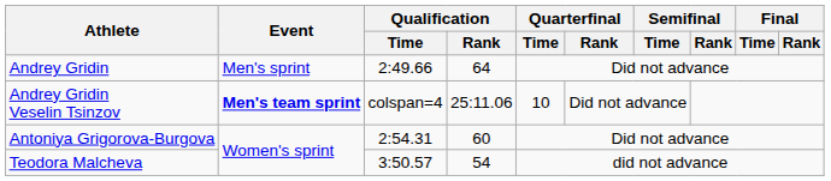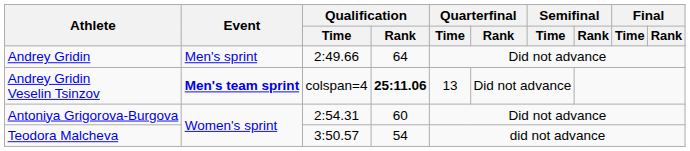 <table class="wikitable" style="font-size:90%">
 <tr>
 <th rowspan="2">Athlete</th>
 <th rowspan="2">Event</th>
 <th colspan="2">Qualification</th>
 <th colspan="2">Quarterfinal</th>
 <th colspan="2">Semifinal</th>
 <th colspan="2">Final</th>
 </tr>
 <tr style="font-size:95%">
 <th>Time</th>
 <th>Rank</th>
 <th>Time</th>
 <th>Rank</th>
 <th>Time</th>
 <th>Rank</th>
 <th>Time</th>
 <th>Rank</th>
 </tr>
 <tr align=center>
 <td align=left><a href='#'>Andrey Gridin</a></td>
 <td align=left><a href='#'>Men's sprint</a></td>
 <td>2:49.66</td>
 <td>64</td>
 <td colspan=6>Did not advance</td>
 </tr>
 <tr align=center>
 <td align=left><a href='#'>Andrey Gridin</a><br><a href='#'>Veselin Tsinzov</a></td>
 <td align=left><strong><a href='#'>Men's team sprint</a></strong></td>
 <td>colspan=4 </td>
-<td>25:11.06</td>
-<td>10</td>
+<td><strong>25:11.06</strong></td>
+<td>13</td>
 <td colspan=2>Did not advance</td>
 </tr>
 <tr align=center>
 <td align=left><a href='#'>Antoniya Grigorova-Burgova</a></td>
 <td align=left rowspan=2><a href='#'>Women's sprint</a></td>
 <td>2:54.31</td>
 <td>60</td>
 <td colspan=6>Did not advance</td>
 </tr>
 <tr align=center>
 <td align=left><a href='#'>Teodora Malcheva</a></td>
 <td>3:50.57</td>
 <td>54</td>
 <td colspan=6>did not advance</td>
 </tr>
 </table>
